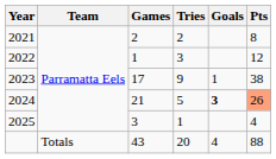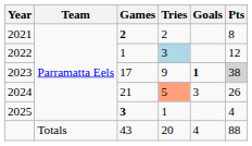 <table class="wikitable">
 <tr>
 <th>Year</th>
 <th>Team</th>
 <th>Games</th>
 <th>Tries</th>
 <th>Goals</th>
 <th>Pts</th>
 </tr>
 <tr>
 <td>2021</td>
 <td rowspan="5"> <a href='#'>Parramatta Eels</a></td>
-<td>2</td>
+<td><strong>2</strong></td>
 <td>2</td>
 <td></td>
 <td>8</td>
 </tr>
 <tr>
 <td>2022</td>
 <td>1</td>
-<td>3</td>
+<td style="background: lightblue;">3</td>
 <td></td>
 <td>12</td>
 </tr>
 <tr>
 <td>2023</td>
 <td>17</td>
 <td>9</td>
-<td>1</td>
-<td>38</td>
+<td><strong>1</strong></td>
+<td style="background: lightgrey;">38</td>
 </tr>
 <tr>
 <td>2024</td>
 <td>21</td>
-<td>5</td>
-<td><strong>3</strong></td>
-<td style="background: lightsalmon;">26</td>
+<td style="background: lightsalmon;">5</td>
+<td>3</td>
+<td>26</td>
 </tr>
 <tr>
 <td>2025</td>
-<td>3</td>
+<td><strong>3</strong></td>
 <td>1</td>
 <td></td>
 <td>4</td>
 </tr>
 <tr>
 <td></td>
 <td>Totals</td>
 <td>43</td>
 <td>20</td>
 <td>4</td>
 <td>88</td>
 </tr>
 </table>
